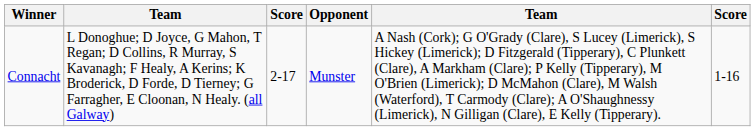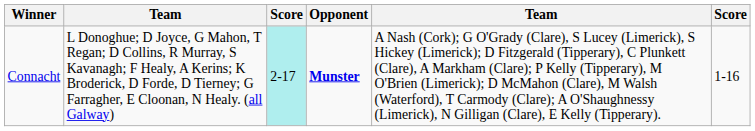 <table class="wikitable">
 <tr>
 <th>Winner</th>
 <th>Team</th>
 <th>Score</th>
 <th>Opponent</th>
 <th>Team</th>
 <th>Score</th>
 </tr>
 <tr>
 <td><a href='#'>Connacht</a></td>
 <td>L Donoghue; D Joyce, G Mahon, T Regan; D Collins, R Murray, S Kavanagh; F Healy, A Kerins; K Broderick, D Forde, D Tierney; G Farragher, E Cloonan, N Healy. (<a href='#'>all Galway</a>)</td>
-<td>2-17</td>
-<td><a href='#'>Munster</a></td>
+<td style="background: paleturquoise;">2-17</td>
+<td><strong><a href='#'>Munster</a></strong></td>
 <td>A Nash (Cork); G O'Grady (Clare), S Lucey (Limerick), S Hickey (Limerick); D Fitzgerald (Tipperary), C Plunkett (Clare), A Markham (Clare); P Kelly (Tipperary), M O'Brien (Limerick); D McMahon (Clare), M Walsh (Waterford), T Carmody (Clare); A O'Shaughnessy (Limerick), N Gilligan (Clare), E Kelly (Tipperary).</td>
 <td>1-16</td>
 </tr>
 </table>
